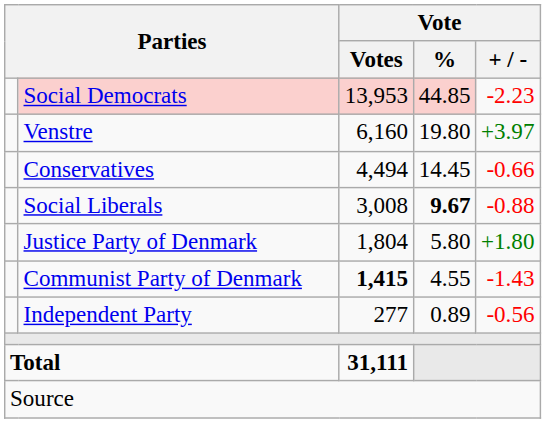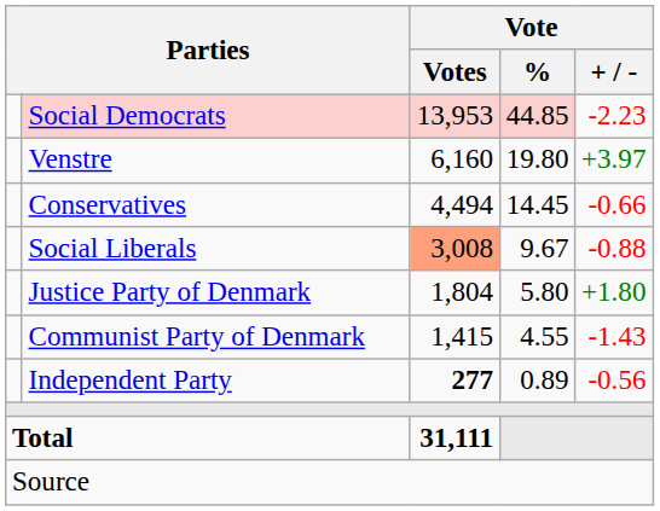 <table class="wikitable" style="text-align:right;">
 <tr>
 <th style="text-align:centre;" rowspan="2" colspan="2" width="225">Parties</th>
 <th colspan="3">Vote</th>
 </tr>
 <tr>
 <th width="15">Votes</th>
 <th width="15">%</th>
 <th width="15">+ / -</th>
 </tr>
 <tr>
 <td width="2" style="color:inherit;background:"></td>
 <td bgcolor=#fbd0ce  align="left"><a href='#'>Social Democrats</a></td>
 <td bgcolor=#fbd0ce>13,953</td>
 <td bgcolor=#fbd0ce>44.85</td>
 <td style=color:red;>-2.23</td>
 </tr>
 <tr>
 <td width="2" style="color:inherit;background:"></td>
 <td align="left"><a href='#'>Venstre</a></td>
 <td>6,160</td>
 <td>19.80</td>
 <td style=color:green;>+3.97</td>
 </tr>
 <tr>
 <td width="2" style="color:inherit;background:"></td>
 <td align="left"><a href='#'>Conservatives</a></td>
 <td>4,494</td>
 <td>14.45</td>
 <td style=color:red;>-0.66</td>
 </tr>
 <tr>
 <td width="2" style="color:inherit;background:"></td>
 <td align="left"><a href='#'>Social Liberals</a></td>
-<td>3,008</td>
-<td><strong>9.67</strong></td>
+<td style="background: lightsalmon;">3,008</td>
+<td>9.67</td>
 <td style=color:red;>-0.88</td>
 </tr>
 <tr>
 <td width="2" style="color:inherit;background:"></td>
 <td align="left"><a href='#'>Justice Party of Denmark</a></td>
 <td>1,804</td>
 <td>5.80</td>
 <td style=color:green;>+1.80</td>
 </tr>
 <tr>
 <td width="2" style="color:inherit;background:"></td>
 <td align="left"><a href='#'>Communist Party of Denmark</a></td>
-<td><strong>1,415</strong></td>
+<td>1,415</td>
 <td>4.55</td>
 <td style=color:red;>-1.43</td>
 </tr>
 <tr>
 <td width="2" style="color:inherit;background:"></td>
 <td align="left"><a href='#'>Independent Party</a></td>
-<td>277</td>
+<td><strong>277</strong></td>
 <td>0.89</td>
 <td style=color:red;>-0.56</td>
 </tr>
 <tr>
 <td colspan="7" bgcolor="#E9E9E9"></td>
 </tr>
 <tr>
 <td align="left" colspan="2"><strong>Total</strong></td>
 <td><strong>31,111</strong></td>
 <td bgcolor="#E9E9E9" colspan="2"></td>
 </tr>
 <tr>
 <td align="left" colspan="6">Source</td>
 </tr>
 </table>
